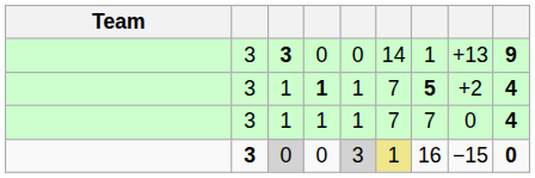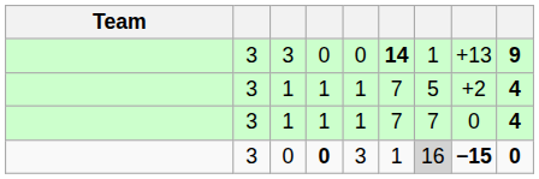 <table class=wikitable style="text-align:center">
 <tr>
 <th style="width:165px;">Team</th>
 <th width="20"></th>
 <th width="20"></th>
 <th width="20"></th>
 <th width="20"></th>
 <th width="20"></th>
 <th width="20"></th>
 <th width="20"></th>
 <th width="20"></th>
 </tr>
 <tr bgcolor=ccffcc>
 <td align=left></td>
 <td>3</td>
-<td><strong>3</strong></td>
+<td>3</td>
 <td>0</td>
 <td>0</td>
-<td>14</td>
+<td><strong>14</strong></td>
 <td>1</td>
 <td>+13</td>
 <td><strong>9</strong></td>
 </tr>
 <tr bgcolor=ccffcc>
 <td align=left></td>
 <td>3</td>
 <td>1</td>
-<td><strong>1</strong></td>
+<td>1</td>
 <td>1</td>
 <td>7</td>
-<td><strong>5</strong></td>
+<td>5</td>
 <td>+2</td>
 <td><strong>4</strong></td>
 </tr>
 <tr bgcolor=ccffcc>
 <td align=left></td>
 <td>3</td>
 <td>1</td>
 <td>1</td>
 <td>1</td>
 <td>7</td>
 <td>7</td>
 <td>0</td>
 <td><strong>4</strong></td>
 </tr>
 <tr>
 <td align=left></td>
-<td><strong>3</strong></td>
-<td style="background: lightgrey;">0</td>
+<td>3</td>
 <td>0</td>
-<td style="background: lightgrey;">3</td>
-<td style="background: khaki;">1</td>
-<td>16</td>
-<td>−15</td>
+<td><strong>0</strong></td>
+<td>3</td>
+<td>1</td>
+<td style="background: lightgrey;">16</td>
+<td><strong>−15</strong></td>
 <td><strong>0</strong></td>
 </tr>
 </table>
